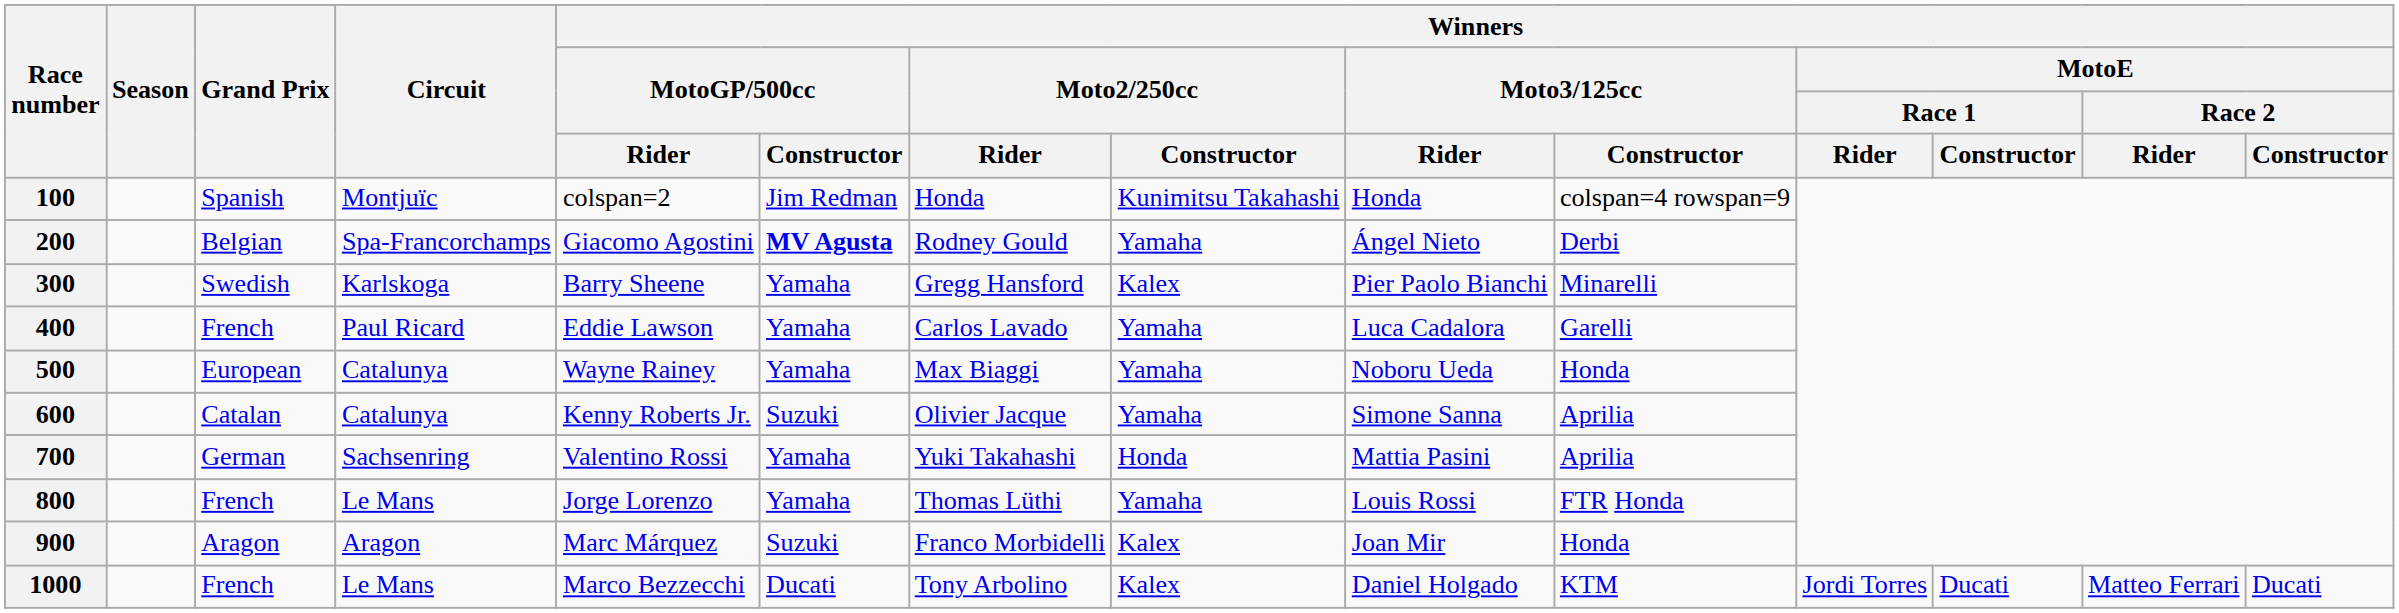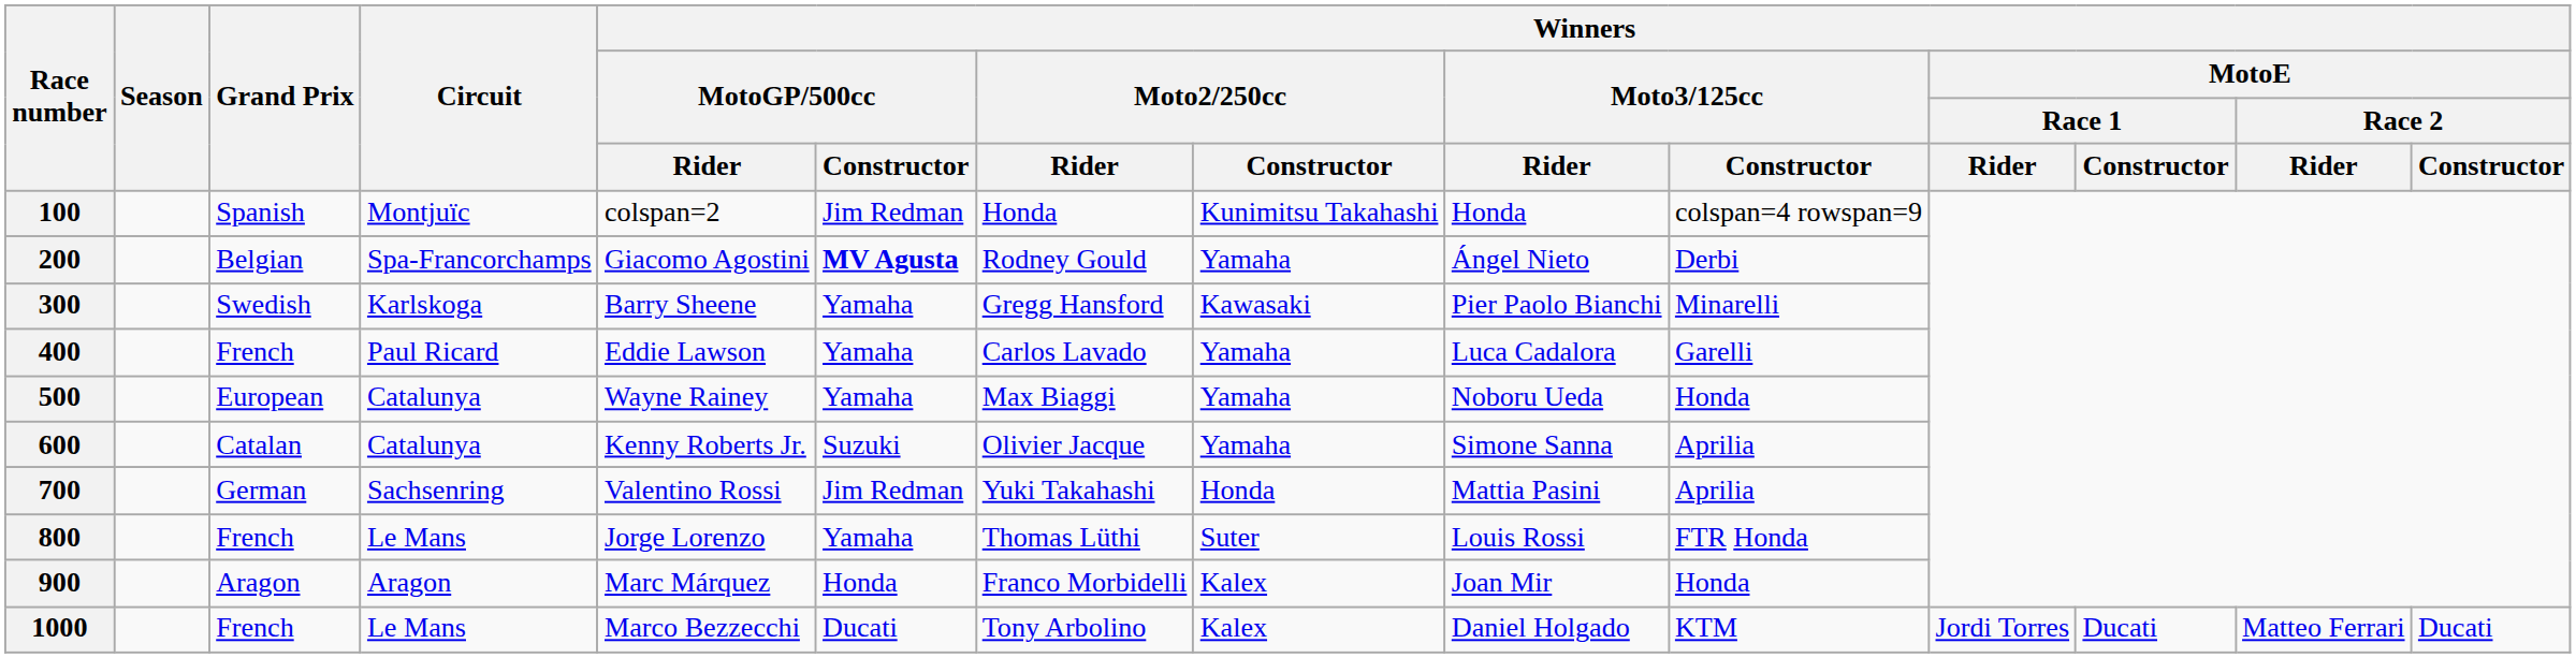 <table class="wikitable sortable" style="font-size: 85%;">
 <tr>
 <th rowspan="4">Race<br>number</th>
 <th rowspan="4">Season</th>
 <th rowspan="4">Grand Prix</th>
 <th rowspan="4">Circuit</th>
 <th colspan="10">Winners</th>
 </tr>
 <tr>
 <th rowspan="2" colspan="2">MotoGP/500cc</th>
 <th rowspan="2" colspan="2">Moto2/250cc</th>
 <th rowspan="2" colspan="2">Moto3/125cc</th>
 <th colspan="4">MotoE</th>
 </tr>
 <tr>
 <th colspan="2">Race 1</th>
 <th colspan="2">Race 2</th>
 </tr>
 <tr>
 <th scope="col">Rider</th>
 <th scope="col">Constructor</th>
 <th scope="col">Rider</th>
 <th scope="col">Constructor</th>
 <th scope="col">Rider</th>
 <th scope="col">Constructor</th>
 <th scope="col">Rider</th>
 <th scope="col">Constructor</th>
 <th scope="col">Rider</th>
 <th scope="col">Constructor</th>
 </tr>
 <tr>
 <th>100</th>
 <td align="center"></td>
 <td data-sort-value="SPA"> <a href='#'>Spanish</a></td>
 <td><a href='#'>Montjuïc</a></td>
 <td>colspan=2 </td>
 <td data-sort-value="RED"> <a href='#'>Jim Redman</a></td>
 <td data-sort-value="HON"> <a href='#'>Honda</a></td>
 <td data-sort-value="TAK" nowrap> <a href='#'>Kunimitsu Takahashi</a></td>
 <td data-sort-value="HON"> <a href='#'>Honda</a></td>
 <td>colspan=4 rowspan=9 </td>
 </tr>
 <tr>
 <th>200</th>
 <td align="center"></td>
 <td data-sort-value="BEL"> <a href='#'>Belgian</a></td>
 <td nowrap><a href='#'>Spa-Francorchamps</a></td>
 <td data-sort-value="AGO"> <a href='#'>Giacomo Agostini</a></td>
 <td data-sort-value="MV" nowrap><strong> <a href='#'>MV Agusta</a></strong></td>
 <td data-sort-value="GOU"> <a href='#'>Rodney Gould</a></td>
 <td data-sort-value="YAM"> <a href='#'>Yamaha</a></td>
 <td data-sort-value="NIE"> <a href='#'>Ángel Nieto</a></td>
 <td data-sort-value="DER"> <a href='#'>Derbi</a></td>
 </tr>
 <tr>
 <th>300</th>
 <td align="center"></td>
 <td data-sort-value="SWE"> <a href='#'>Swedish</a></td>
 <td><a href='#'>Karlskoga</a></td>
 <td data-sort-value="SHE"> <a href='#'>Barry Sheene</a></td>
 <td data-sort-value="YAM"> <a href='#'>Yamaha</a></td>
 <td data-sort-value="HAN"> <a href='#'>Gregg Hansford</a></td>
-<td data-sort-value="KAL"> <a href='#'>Kalex</a></td>
+<td data-sort-value="KAW"> <a href='#'>Kawasaki</a></td>
 <td data-sort-value="BIA"> <a href='#'>Pier Paolo Bianchi</a></td>
 <td data-sort-value="MIN"> <a href='#'>Minarelli</a></td>
 </tr>
 <tr>
 <th>400</th>
 <td align="center"></td>
 <td data-sort-value="FRE"> <a href='#'>French</a></td>
 <td><a href='#'>Paul Ricard</a></td>
 <td data-sort-value="LAW"> <a href='#'>Eddie Lawson</a></td>
 <td data-sort-value="YAM"> <a href='#'>Yamaha</a></td>
 <td data-sort-value="LAV"> <a href='#'>Carlos Lavado</a></td>
 <td data-sort-value="YAM"> <a href='#'>Yamaha</a></td>
 <td data-sort-value="CAD"> <a href='#'>Luca Cadalora</a></td>
 <td data-sort-value="MIN"> <a href='#'>Garelli</a></td>
 </tr>
 <tr>
 <th>500</th>
 <td align="center"></td>
 <td data-sort-value="EUR" nowrap> <a href='#'>European</a></td>
 <td><a href='#'>Catalunya</a></td>
 <td data-sort-value="RAI"> <a href='#'>Wayne Rainey</a></td>
 <td data-sort-value="YAM"> <a href='#'>Yamaha</a></td>
 <td data-sort-value="BIA"> <a href='#'>Max Biaggi</a></td>
 <td data-sort-value="YAM"> <a href='#'>Yamaha</a></td>
 <td data-sort-value="UED"> <a href='#'>Noboru Ueda</a></td>
 <td data-sort-value="HON"> <a href='#'>Honda</a></td>
 </tr>
 <tr>
 <th>600</th>
 <td align="center"></td>
 <td data-sort-value="CAT"> <a href='#'>Catalan</a></td>
 <td><a href='#'>Catalunya</a></td>
 <td data-sort-value="ROB" nowrap> <a href='#'>Kenny Roberts Jr.</a></td>
 <td data-sort-value="SUZ"> <a href='#'>Suzuki</a></td>
 <td data-sort-value="JAC"> <a href='#'>Olivier Jacque</a></td>
 <td data-sort-value="YAM"> <a href='#'>Yamaha</a></td>
 <td data-sort-value="SAN"> <a href='#'>Simone Sanna</a></td>
 <td data-sort-value="APR"> <a href='#'>Aprilia</a></td>
 </tr>
 <tr>
 <th>700</th>
 <td align="center"></td>
 <td data-sort-value="GER"> <a href='#'>German</a></td>
 <td><a href='#'>Sachsenring</a></td>
 <td data-sort-value="ROS"> <a href='#'>Valentino Rossi</a></td>
-<td data-sort-value="YAM"> <a href='#'>Yamaha</a></td>
+<td data-sort-value="RED"> <a href='#'>Jim Redman</a></td>
 <td data-sort-value="TAK"> <a href='#'>Yuki Takahashi</a></td>
 <td data-sort-value="HON"> <a href='#'>Honda</a></td>
 <td data-sort-value="PAS"> <a href='#'>Mattia Pasini</a></td>
 <td data-sort-value="APR"> <a href='#'>Aprilia</a></td>
 </tr>
 <tr>
 <th>800</th>
 <td align="center"></td>
 <td data-sort-value="FRE"> <a href='#'>French</a></td>
 <td><a href='#'>Le Mans</a></td>
 <td data-sort-value="LOR"> <a href='#'>Jorge Lorenzo</a></td>
 <td data-sort-value="YAM"> <a href='#'>Yamaha</a></td>
 <td data-sort-value="LUT"> <a href='#'>Thomas Lüthi</a></td>
-<td data-sort-value="YAM"> <a href='#'>Yamaha</a></td>
+<td data-sort-value="SUT"> <a href='#'>Suter</a></td>
 <td data-sort-value="ROS"> <a href='#'>Louis Rossi</a></td>
 <td data-sort-value="FTR" nowrap> <a href='#'>FTR</a> <a href='#'>Honda</a></td>
 </tr>
 <tr>
 <th>900</th>
 <td align="center"></td>
 <td data-sort-value="ARA"> <a href='#'>Aragon</a></td>
 <td><a href='#'>Aragon</a></td>
 <td data-sort-value="MAR"> <a href='#'>Marc Márquez</a></td>
-<td data-sort-value="SUZ"> <a href='#'>Suzuki</a></td>
+<td data-sort-value="HON"> <a href='#'>Honda</a></td>
 <td data-sort-value="MOR" nowrap> <a href='#'>Franco Morbidelli</a></td>
 <td data-sort-value="KAL"> <a href='#'>Kalex</a></td>
 <td data-sort-value="MIR"> <a href='#'>Joan Mir</a></td>
 <td data-sort-value="HON"> <a href='#'>Honda</a></td>
 </tr>
 <tr>
 <th>1000</th>
 <td align="center"></td>
 <td data-sort-value="FRE"> <a href='#'>French</a></td>
 <td><a href='#'>Le Mans</a></td>
 <td data-sort-value="BEZ"> <a href='#'>Marco Bezzecchi</a></td>
 <td data-sort-value="DUC"> <a href='#'>Ducati</a></td>
 <td data-sort-value="ARB"> <a href='#'>Tony Arbolino</a></td>
 <td data-sort-value="KAL"> <a href='#'>Kalex</a></td>
 <td data-sort-value="HOL"> <a href='#'>Daniel Holgado</a></td>
 <td data-sort-value="KTM"> <a href='#'>KTM</a></td>
 <td data-sort-value="TOR" nowrap> <a href='#'>Jordi Torres</a></td>
 <td data-sort-value="DUC"> <a href='#'>Ducati</a></td>
 <td data-sort-value="FER" nowrap> <a href='#'>Matteo Ferrari</a></td>
 <td data-sort-value="DUC"> <a href='#'>Ducati</a></td>
 </tr>
 </table>
